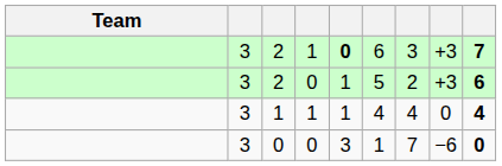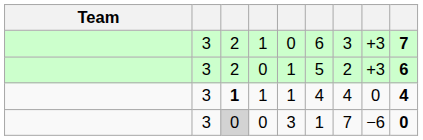 <table class="wikitable" style="text-align: center;">
 <tr>
 <th width="175">Team</th>
 <th width="20"></th>
 <th width="20"></th>
 <th width="20"></th>
 <th width="20"></th>
 <th width="20"></th>
 <th width="20"></th>
 <th width="20"></th>
 <th width="20"></th>
 </tr>
 <tr style="background:#ccffcc;">
 <td align=left></td>
 <td>3</td>
 <td>2</td>
 <td>1</td>
-<td><strong>0</strong></td>
+<td>0</td>
 <td>6</td>
 <td>3</td>
 <td>+3</td>
 <td><strong>7</strong></td>
 </tr>
 <tr style="background:#ccffcc;">
 <td align=left></td>
 <td>3</td>
 <td>2</td>
 <td>0</td>
 <td>1</td>
 <td>5</td>
 <td>2</td>
 <td>+3</td>
 <td><strong>6</strong></td>
 </tr>
 <tr>
 <td align=left></td>
 <td>3</td>
-<td>1</td>
+<td><strong>1</strong></td>
 <td>1</td>
 <td>1</td>
 <td>4</td>
 <td>4</td>
 <td>0</td>
 <td><strong>4</strong></td>
 </tr>
 <tr>
 <td align=left></td>
 <td>3</td>
-<td>0</td>
+<td style="background: lightgrey;">0</td>
 <td>0</td>
 <td>3</td>
 <td>1</td>
 <td>7</td>
 <td>−6</td>
 <td><strong>0</strong></td>
 </tr>
 </table>
